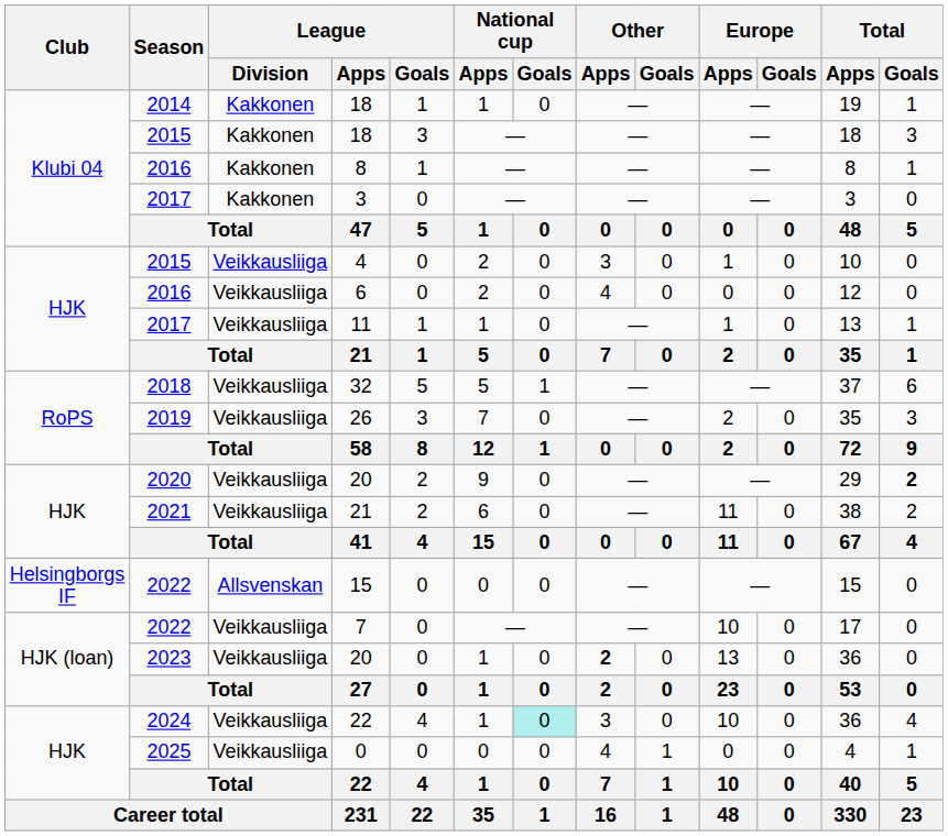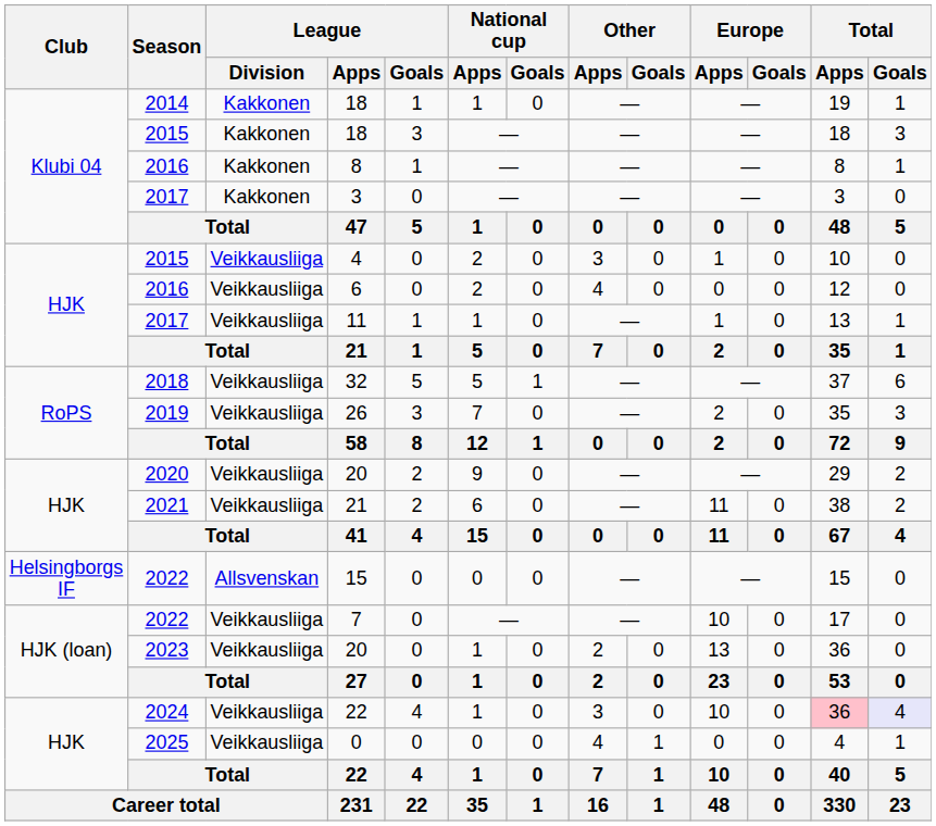 <table class="wikitable" style="text-align:center">
 <tr>
 <th rowspan="2">Club</th>
 <th rowspan="2">Season</th>
 <th colspan="3">League</th>
 <th colspan="2">National cup</th>
 <th colspan="2">Other</th>
 <th colspan="2">Europe</th>
 <th colspan="2">Total</th>
 </tr>
 <tr>
 <th>Division</th>
 <th>Apps</th>
 <th>Goals</th>
 <th>Apps</th>
 <th>Goals</th>
 <th>Apps</th>
 <th>Goals</th>
 <th>Apps</th>
 <th>Goals</th>
 <th>Apps</th>
 <th>Goals</th>
 </tr>
 <tr>
 <td rowspan="5"><a href='#'>Klubi 04</a></td>
 <td><a href='#'>2014</a></td>
 <td><a href='#'>Kakkonen</a></td>
 <td>18</td>
 <td>1</td>
 <td>1</td>
 <td>0</td>
 <td colspan="2">—</td>
 <td colspan="2">—</td>
 <td>19</td>
 <td>1</td>
 </tr>
 <tr>
 <td><a href='#'>2015</a></td>
 <td>Kakkonen</td>
 <td>18</td>
 <td>3</td>
 <td colspan="2">—</td>
 <td colspan="2">—</td>
 <td colspan="2">—</td>
 <td>18</td>
 <td>3</td>
 </tr>
 <tr>
 <td><a href='#'>2016</a></td>
 <td>Kakkonen</td>
 <td>8</td>
 <td>1</td>
 <td colspan="2">—</td>
 <td colspan="2">—</td>
 <td colspan="2">—</td>
 <td>8</td>
 <td>1</td>
 </tr>
 <tr>
 <td><a href='#'>2017</a></td>
 <td>Kakkonen</td>
 <td>3</td>
 <td>0</td>
 <td colspan="2">—</td>
 <td colspan="2">—</td>
 <td colspan="2">—</td>
 <td>3</td>
 <td>0</td>
 </tr>
 <tr>
 <th colspan="2">Total</th>
 <th>47</th>
 <th>5</th>
 <th>1</th>
 <th>0</th>
 <th>0</th>
 <th>0</th>
 <th>0</th>
 <th>0</th>
 <th>48</th>
 <th>5</th>
 </tr>
 <tr>
 <td rowspan="4"><a href='#'>HJK</a></td>
 <td><a href='#'>2015</a></td>
 <td><a href='#'>Veikkausliiga</a></td>
 <td>4</td>
 <td>0</td>
 <td>2</td>
 <td>0</td>
 <td>3</td>
 <td>0</td>
 <td>1</td>
 <td>0</td>
 <td>10</td>
 <td>0</td>
 </tr>
 <tr>
 <td><a href='#'>2016</a></td>
 <td>Veikkausliiga</td>
 <td>6</td>
 <td>0</td>
 <td>2</td>
 <td>0</td>
 <td>4</td>
 <td>0</td>
 <td>0</td>
 <td>0</td>
 <td>12</td>
 <td>0</td>
 </tr>
 <tr>
 <td><a href='#'>2017</a></td>
 <td>Veikkausliiga</td>
 <td>11</td>
 <td>1</td>
 <td>1</td>
 <td>0</td>
 <td colspan="2">—</td>
 <td>1</td>
 <td>0</td>
 <td>13</td>
 <td>1</td>
 </tr>
 <tr>
 <th colspan="2">Total</th>
 <th>21</th>
 <th>1</th>
 <th>5</th>
 <th>0</th>
 <th>7</th>
 <th>0</th>
 <th>2</th>
 <th>0</th>
 <th>35</th>
 <th>1</th>
 </tr>
 <tr>
 <td rowspan="3"><a href='#'>RoPS</a></td>
 <td><a href='#'>2018</a></td>
 <td>Veikkausliiga</td>
 <td>32</td>
 <td>5</td>
 <td>5</td>
 <td>1</td>
 <td colspan="2">—</td>
 <td colspan="2">—</td>
 <td>37</td>
 <td>6</td>
 </tr>
 <tr>
 <td><a href='#'>2019</a></td>
 <td>Veikkausliiga</td>
 <td>26</td>
 <td>3</td>
 <td>7</td>
 <td>0</td>
 <td colspan="2">—</td>
 <td>2</td>
 <td>0</td>
 <td>35</td>
 <td>3</td>
 </tr>
 <tr>
 <th colspan="2">Total</th>
 <th>58</th>
 <th>8</th>
 <th>12</th>
 <th>1</th>
 <th>0</th>
 <th>0</th>
 <th>2</th>
 <th>0</th>
 <th>72</th>
 <th>9</th>
 </tr>
 <tr>
 <td rowspan="3">HJK</td>
 <td><a href='#'>2020</a></td>
 <td>Veikkausliiga</td>
 <td>20</td>
 <td>2</td>
 <td>9</td>
 <td>0</td>
 <td colspan="2">—</td>
 <td colspan="2">—</td>
 <td>29</td>
-<td><strong>2</strong></td>
+<td>2</td>
 </tr>
 <tr>
 <td><a href='#'>2021</a></td>
 <td>Veikkausliiga</td>
 <td>21</td>
 <td>2</td>
 <td>6</td>
 <td>0</td>
 <td colspan="2">—</td>
 <td>11</td>
 <td>0</td>
 <td>38</td>
 <td>2</td>
 </tr>
 <tr>
 <th colspan="2">Total</th>
 <th>41</th>
 <th>4</th>
 <th>15</th>
 <th>0</th>
 <th>0</th>
 <th>0</th>
 <th>11</th>
 <th>0</th>
 <th>67</th>
 <th>4</th>
 </tr>
 <tr>
 <td><a href='#'>Helsingborgs IF</a></td>
 <td><a href='#'>2022</a></td>
 <td><a href='#'>Allsvenskan</a></td>
 <td>15</td>
 <td>0</td>
 <td>0</td>
 <td>0</td>
 <td colspan="2">—</td>
 <td colspan="2">—</td>
 <td>15</td>
 <td>0</td>
 </tr>
 <tr>
 <td rowspan="3">HJK (loan)</td>
 <td><a href='#'>2022</a></td>
 <td>Veikkausliiga</td>
 <td>7</td>
 <td>0</td>
 <td colspan="2">—</td>
 <td colspan="2">—</td>
 <td>10</td>
 <td>0</td>
 <td>17</td>
 <td>0</td>
 </tr>
 <tr>
 <td><a href='#'>2023</a></td>
 <td>Veikkausliiga</td>
 <td>20</td>
 <td>0</td>
 <td>1</td>
 <td>0</td>
-<td><strong>2</strong></td>
+<td>2</td>
 <td>0</td>
 <td>13</td>
 <td>0</td>
 <td>36</td>
 <td>0</td>
 </tr>
 <tr>
 <th colspan="2">Total</th>
 <th>27</th>
 <th>0</th>
 <th>1</th>
 <th>0</th>
 <th>2</th>
 <th>0</th>
 <th>23</th>
 <th>0</th>
 <th>53</th>
 <th>0</th>
 </tr>
 <tr>
 <td rowspan=3>HJK</td>
 <td><a href='#'>2024</a></td>
 <td>Veikkausliiga</td>
 <td>22</td>
 <td>4</td>
 <td>1</td>
-<td style="background: paleturquoise;">0</td>
+<td>0</td>
 <td>3</td>
 <td>0</td>
 <td>10</td>
 <td>0</td>
-<td>36</td>
-<td>4</td>
+<td style="background: pink;">36</td>
+<td style="background: lavender;">4</td>
 </tr>
 <tr>
 <td><a href='#'>2025</a></td>
 <td>Veikkausliiga</td>
 <td>0</td>
 <td>0</td>
 <td>0</td>
 <td>0</td>
 <td>4</td>
 <td>1</td>
 <td>0</td>
 <td>0</td>
 <td>4</td>
 <td>1</td>
 </tr>
 <tr>
 <th colspan=2>Total</th>
 <th>22</th>
 <th>4</th>
 <th>1</th>
 <th>0</th>
 <th>7</th>
 <th>1</th>
 <th>10</th>
 <th>0</th>
 <th>40</th>
 <th>5</th>
 </tr>
 <tr>
 <th colspan="3">Career total</th>
 <th>231</th>
 <th>22</th>
 <th>35</th>
 <th>1</th>
 <th>16</th>
 <th>1</th>
 <th>48</th>
 <th>0</th>
 <th>330</th>
 <th>23</th>
 </tr>
 </table>
